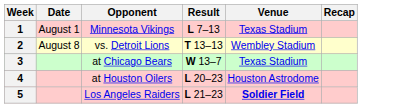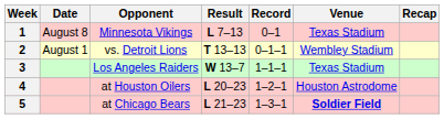 <table class="wikitable" style="text-align:center">
 <tr>
 <th>Week</th>
 <th>Date</th>
 <th>Opponent</th>
 <th>Result</th>
+<th>Record</th>
 <th>Venue</th>
 <th>Recap</th>
 </tr>
 <tr style="background:#fcc">
 <th>1</th>
-<td>August 1</td>
+<td>August 8</td>
 <td><a href='#'>Minnesota Vikings</a></td>
 <td><strong>L</strong> 7–13</td>
+<td>0–1</td>
 <td><a href='#'>Texas Stadium</a></td>
 <td></td>
 </tr>
 <tr style="background:#ffc">
 <th>2</th>
-<td>August 8</td>
+<td>August 1</td>
 <td>vs. <a href='#'>Detroit Lions</a></td>
 <td><strong>T</strong> 13–13 </td>
+<td>0–1–1</td>
 <td><a href='#'>Wembley Stadium</a> </td>
 <td></td>
 </tr>
 <tr style="background:#cfc">
 <th>3</th>
 <td></td>
-<td>at <a href='#'>Chicago Bears</a></td>
+<td><a href='#'>Los Angeles Raiders</a></td>
 <td><strong>W</strong> 13–7</td>
+<td>1–1–1</td>
 <td><a href='#'>Texas Stadium</a></td>
 <td></td>
 </tr>
 <tr style="background:#fcc">
 <th>4</th>
 <td></td>
 <td>at <a href='#'>Houston Oilers</a></td>
 <td><strong>L</strong> 20–23</td>
+<td>1–2–1</td>
 <td><a href='#'>Houston Astrodome</a></td>
 <td></td>
 </tr>
 <tr style="background:#fcc">
 <th>5</th>
 <td></td>
-<td><a href='#'>Los Angeles Raiders</a></td>
+<td>at <a href='#'>Chicago Bears</a></td>
 <td><strong>L</strong> 21–23</td>
+<td>1–3–1</td>
 <td><strong><a href='#'>Soldier Field</a></strong></td>
 <td></td>
 </tr>
 </table>
